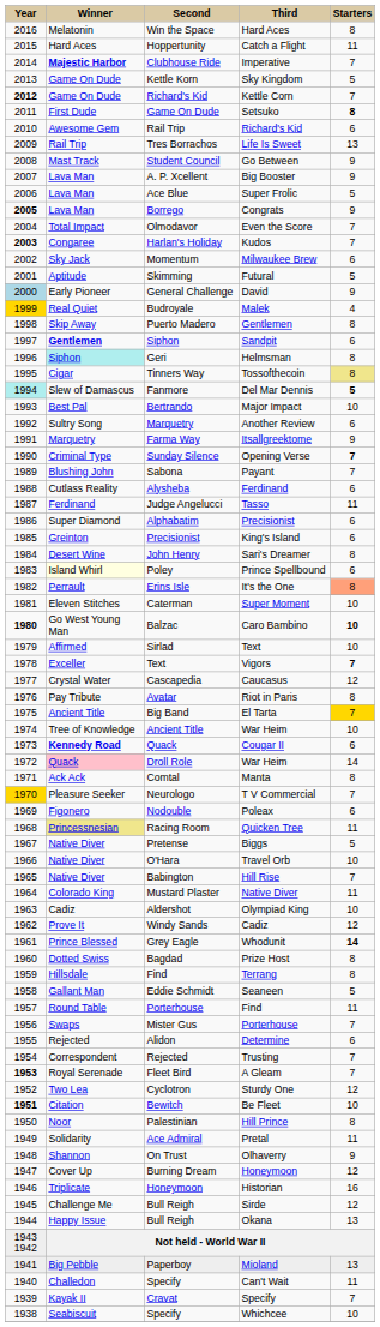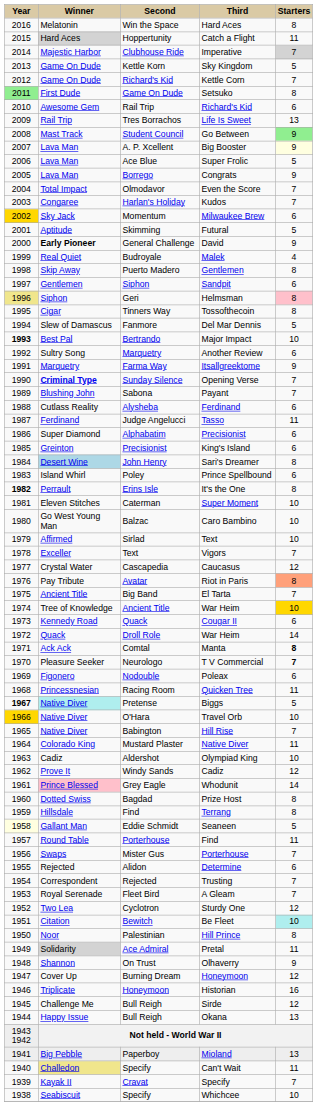 <table class = "wikitable sortable" | border="1" cellpadding="0" style="border-collapse: collapse; font-size:90%">
 <tr bgcolor="#DACAA5" align="center">
 <td width="50px"><strong>Year</strong> <br></td>
 <td width="130px"><strong>Winner</strong> <br></td>
 <td width="125px"><strong>Second</strong> <br></td>
 <td width="120px"><strong>Third</strong> <br></td>
 <td width="55px"><strong>Starters</strong></td>
 </tr>
 <tr>
 <td align=center>2016</td>
 <td>Melatonin</td>
 <td>Win the Space</td>
 <td>Hard Aces</td>
 <td align=center>8</td>
 </tr>
 <tr>
 <td align=center>2015</td>
-<td>Hard Aces</td>
+<td style="background: lightgrey;">Hard Aces</td>
 <td>Hoppertunity</td>
 <td>Catch a Flight</td>
 <td align=center>11</td>
 </tr>
 <tr>
 <td align=center>2014</td>
-<td><strong><a href='#'>Majestic Harbor</a></strong></td>
+<td><a href='#'>Majestic Harbor</a></td>
 <td><a href='#'>Clubhouse Ride</a></td>
 <td>Imperative</td>
-<td align=center>7</td>
+<td align=center style="background: lightgrey;">7</td>
 </tr>
 <tr>
 <td align=center>2013</td>
 <td><a href='#'>Game On Dude</a></td>
 <td>Kettle Korn</td>
 <td>Sky Kingdom</td>
 <td align=center>5</td>
 </tr>
 <tr>
-<td align=center><strong>2012</strong></td>
+<td align=center>2012</td>
 <td><a href='#'>Game On Dude</a></td>
 <td><a href='#'>Richard's Kid</a></td>
 <td>Kettle Corn</td>
 <td align=center>7</td>
 </tr>
 <tr>
-<td align=center>2011</td>
+<td align=center style="background: lightgreen;">2011</td>
 <td><a href='#'>First Dude</a></td>
 <td><a href='#'>Game On Dude</a></td>
 <td>Setsuko</td>
-<td align=center><strong>8</strong></td>
+<td align=center>8</td>
 </tr>
 <tr>
 <td align=center>2010</td>
 <td><a href='#'>Awesome Gem</a></td>
 <td>Rail Trip</td>
 <td><a href='#'>Richard's Kid</a></td>
 <td align=center>6</td>
 </tr>
 <tr>
 <td align=center>2009</td>
 <td><a href='#'>Rail Trip</a></td>
 <td>Tres Borrachos</td>
 <td><a href='#'>Life Is Sweet</a></td>
 <td align=center>13</td>
 </tr>
 <tr>
 <td align=center>2008</td>
 <td><a href='#'>Mast Track</a></td>
 <td><a href='#'>Student Council</a></td>
 <td>Go Between</td>
-<td align=center>9</td>
+<td align=center style="background: lightgreen;">9</td>
 </tr>
 <tr>
 <td align=center>2007</td>
 <td><a href='#'>Lava Man</a></td>
 <td>A. P. Xcellent</td>
 <td>Big Booster</td>
-<td align=center>9</td>
+<td align=center style="background: lightyellow;">9</td>
 </tr>
 <tr>
 <td align=center>2006</td>
 <td><a href='#'>Lava Man</a></td>
 <td>Ace Blue</td>
 <td>Super Frolic</td>
 <td align=center>5</td>
 </tr>
 <tr>
-<td align=center><strong>2005</strong></td>
+<td align=center>2005</td>
 <td><a href='#'>Lava Man</a></td>
 <td><a href='#'>Borrego</a></td>
 <td>Congrats</td>
 <td align=center>9</td>
 </tr>
 <tr>
 <td align=center>2004</td>
 <td><a href='#'>Total Impact</a></td>
 <td>Olmodavor</td>
 <td>Even the Score</td>
 <td align=center>7</td>
 </tr>
 <tr>
-<td align=center><strong>2003</strong></td>
+<td align=center>2003</td>
 <td><a href='#'>Congaree</a></td>
 <td><a href='#'>Harlan's Holiday</a></td>
 <td>Kudos</td>
 <td align=center>7</td>
 </tr>
 <tr>
-<td align=center>2002</td>
+<td align=center style="background: gold;">2002</td>
 <td><a href='#'>Sky Jack</a></td>
 <td>Momentum</td>
 <td><a href='#'>Milwaukee Brew</a></td>
 <td align=center>6</td>
 </tr>
 <tr>
 <td align=center>2001</td>
 <td><a href='#'>Aptitude</a></td>
 <td>Skimming</td>
 <td>Futural</td>
 <td align=center>5</td>
 </tr>
 <tr>
-<td align=center style="background: lightblue;">2000</td>
-<td>Early Pioneer</td>
+<td align=center>2000</td>
+<td><strong>Early Pioneer</strong></td>
 <td>General Challenge</td>
 <td>David</td>
 <td align=center>9</td>
 </tr>
 <tr>
-<td align=center style="background: gold;">1999</td>
+<td align=center>1999</td>
 <td><a href='#'>Real Quiet</a></td>
 <td>Budroyale</td>
 <td><a href='#'>Malek</a></td>
 <td align=center>4</td>
 </tr>
 <tr>
 <td align=center>1998</td>
 <td><a href='#'>Skip Away</a></td>
 <td>Puerto Madero</td>
 <td><a href='#'>Gentlemen</a></td>
 <td align=center>8</td>
 </tr>
 <tr>
 <td align=center>1997</td>
-<td><strong><a href='#'>Gentlemen</a></strong></td>
+<td><a href='#'>Gentlemen</a></td>
 <td><a href='#'>Siphon</a></td>
 <td><a href='#'>Sandpit</a></td>
 <td align=center>6</td>
 </tr>
 <tr>
-<td align=center>1996</td>
-<td style="background: paleturquoise;"><a href='#'>Siphon</a></td>
+<td align=center style="background: khaki;">1996</td>
+<td><a href='#'>Siphon</a></td>
 <td>Geri</td>
 <td>Helmsman</td>
-<td align=center>8</td>
+<td align=center style="background: pink;">8</td>
 </tr>
 <tr>
 <td align=center>1995</td>
 <td><a href='#'>Cigar</a></td>
 <td>Tinners Way</td>
 <td>Tossofthecoin</td>
-<td align=center style="background: khaki;">8</td>
+<td align=center>8</td>
 </tr>
 <tr>
-<td align=center style="background: paleturquoise;">1994</td>
+<td align=center>1994</td>
 <td>Slew of Damascus</td>
 <td>Fanmore</td>
 <td>Del Mar Dennis</td>
-<td align=center><strong>5</strong></td>
+<td align=center>5</td>
 </tr>
 <tr>
-<td align=center>1993</td>
+<td align=center><strong>1993</strong></td>
 <td><a href='#'>Best Pal</a></td>
 <td><a href='#'>Bertrando</a></td>
 <td>Major Impact</td>
 <td align=center>10</td>
 </tr>
 <tr>
 <td align=center>1992</td>
 <td>Sultry Song</td>
 <td><a href='#'>Marquetry</a></td>
 <td>Another Review</td>
 <td align=center>6</td>
 </tr>
 <tr>
 <td align=center>1991</td>
 <td><a href='#'>Marquetry</a></td>
 <td><a href='#'>Farma Way</a></td>
 <td><a href='#'>Itsallgreektome</a></td>
 <td align=center>9</td>
 </tr>
 <tr>
 <td align=center>1990</td>
-<td><a href='#'>Criminal Type</a></td>
+<td><strong><a href='#'>Criminal Type</a></strong></td>
 <td><a href='#'>Sunday Silence</a></td>
 <td>Opening Verse</td>
-<td align=center><strong>7</strong></td>
+<td align=center>7</td>
 </tr>
 <tr>
 <td align=center>1989</td>
 <td><a href='#'>Blushing John</a></td>
 <td>Sabona</td>
 <td>Payant</td>
 <td align=center>7</td>
 </tr>
 <tr>
 <td align=center>1988</td>
 <td>Cutlass Reality</td>
 <td><a href='#'>Alysheba</a></td>
 <td><a href='#'>Ferdinand</a></td>
 <td align=center>6</td>
 </tr>
 <tr>
 <td align=center>1987</td>
 <td><a href='#'>Ferdinand</a></td>
 <td>Judge Angelucci</td>
 <td><a href='#'>Tasso</a></td>
 <td align=center>11</td>
 </tr>
 <tr>
 <td align=center>1986</td>
 <td>Super Diamond</td>
 <td><a href='#'>Alphabatim</a></td>
 <td><a href='#'>Precisionist</a></td>
 <td align=center>6</td>
 </tr>
 <tr>
 <td align=center>1985</td>
 <td><a href='#'>Greinton</a></td>
 <td><a href='#'>Precisionist</a></td>
 <td>King's Island</td>
 <td align=center>6</td>
 </tr>
 <tr>
 <td align=center>1984</td>
-<td><a href='#'>Desert Wine</a></td>
+<td style="background: lightblue;"><a href='#'>Desert Wine</a></td>
 <td><a href='#'>John Henry</a></td>
 <td>Sari's Dreamer</td>
 <td align=center>8</td>
 </tr>
 <tr>
 <td align=center>1983</td>
-<td style="background: lightyellow;">Island Whirl</td>
+<td>Island Whirl</td>
 <td>Poley</td>
 <td>Prince Spellbound</td>
 <td align=center>6</td>
 </tr>
 <tr>
-<td align=center>1982</td>
+<td align=center><strong>1982</strong></td>
 <td><a href='#'>Perrault</a></td>
 <td><a href='#'>Erins Isle</a></td>
 <td>It's the One</td>
-<td align=center style="background: lightsalmon;">8</td>
+<td align=center>8</td>
 </tr>
 <tr>
 <td align=center>1981</td>
 <td>Eleven Stitches</td>
 <td>Caterman</td>
 <td><a href='#'>Super Moment</a></td>
 <td align=center>10</td>
 </tr>
 <tr>
-<td align=center><strong>1980</strong></td>
+<td align=center>1980</td>
 <td>Go West Young Man</td>
 <td>Balzac</td>
 <td>Caro Bambino</td>
-<td align=center><strong>10</strong></td>
+<td align=center>10</td>
 </tr>
 <tr>
 <td align=center>1979</td>
 <td><a href='#'>Affirmed</a></td>
 <td>Sirlad</td>
 <td>Text</td>
 <td align=center>10</td>
 </tr>
 <tr>
 <td align=center>1978</td>
 <td><a href='#'>Exceller</a></td>
 <td>Text</td>
 <td>Vigors</td>
-<td align=center><strong>7</strong></td>
+<td align=center>7</td>
 </tr>
 <tr>
 <td align=center>1977</td>
 <td>Crystal Water</td>
 <td>Cascapedia</td>
 <td>Caucasus</td>
 <td align=center>12</td>
 </tr>
 <tr>
 <td align=center>1976</td>
 <td>Pay Tribute</td>
 <td><a href='#'>Avatar</a></td>
 <td>Riot in Paris</td>
-<td align=center>8</td>
+<td align=center style="background: lightsalmon;">8</td>
 </tr>
 <tr>
 <td align=center>1975</td>
 <td><a href='#'>Ancient Title</a></td>
 <td>Big Band</td>
 <td>El Tarta</td>
-<td align=center style="background: gold;">7</td>
+<td align=center>7</td>
 </tr>
 <tr>
 <td align=center>1974</td>
 <td>Tree of Knowledge</td>
 <td><a href='#'>Ancient Title</a></td>
 <td>War Heim</td>
-<td align=center>10</td>
+<td align=center style="background: gold;">10</td>
 </tr>
 <tr>
 <td align=center>1973</td>
-<td><strong><a href='#'>Kennedy Road</a></strong></td>
+<td><a href='#'>Kennedy Road</a></td>
 <td><a href='#'>Quack</a></td>
 <td><a href='#'>Cougar II</a></td>
 <td align=center>6</td>
 </tr>
 <tr>
 <td align=center>1972</td>
-<td style="background: pink;"><a href='#'>Quack</a></td>
+<td><a href='#'>Quack</a></td>
 <td><a href='#'>Droll Role</a></td>
 <td>War Heim</td>
 <td align=center>14</td>
 </tr>
 <tr>
 <td align=center>1971</td>
 <td><a href='#'>Ack Ack</a></td>
 <td>Comtal</td>
 <td>Manta</td>
-<td align=center>8</td>
+<td align=center><strong>8</strong></td>
 </tr>
 <tr>
-<td align=center style="background: gold;">1970</td>
+<td align=center>1970</td>
 <td>Pleasure Seeker</td>
 <td>Neurologo</td>
 <td>T V Commercial</td>
-<td align=center>7</td>
+<td align=center><strong>7</strong></td>
 </tr>
 <tr>
 <td align=center>1969</td>
 <td><a href='#'>Figonero</a></td>
 <td><a href='#'>Nodouble</a></td>
 <td>Poleax</td>
 <td align=center>6</td>
 </tr>
 <tr>
 <td align=center>1968</td>
-<td style="background: khaki;"><a href='#'>Princessnesian</a></td>
+<td><a href='#'>Princessnesian</a></td>
 <td>Racing Room</td>
 <td><a href='#'>Quicken Tree</a></td>
 <td align=center>11</td>
 </tr>
 <tr>
-<td align=center>1967</td>
-<td><a href='#'>Native Diver</a></td>
+<td align=center><strong>1967</strong></td>
+<td style="background: paleturquoise;"><a href='#'>Native Diver</a></td>
 <td>Pretense</td>
 <td>Biggs</td>
 <td align=center>5</td>
 </tr>
 <tr>
-<td align=center>1966</td>
+<td align=center style="background: gold;">1966</td>
 <td><a href='#'>Native Diver</a></td>
 <td>O'Hara</td>
 <td>Travel Orb</td>
 <td align=center>10</td>
 </tr>
 <tr>
 <td align=center>1965</td>
 <td><a href='#'>Native Diver</a></td>
 <td>Babington</td>
 <td><a href='#'>Hill Rise</a></td>
 <td align=center>7</td>
 </tr>
 <tr>
 <td align=center>1964</td>
 <td><a href='#'>Colorado King</a></td>
 <td>Mustard Plaster</td>
 <td><a href='#'>Native Diver</a></td>
 <td align=center>11</td>
 </tr>
 <tr>
 <td align=center>1963</td>
 <td>Cadiz</td>
 <td>Aldershot</td>
 <td>Olympiad King</td>
 <td align=center>10</td>
 </tr>
 <tr>
 <td align=center>1962</td>
 <td><a href='#'>Prove It</a></td>
 <td>Windy Sands</td>
 <td>Cadiz</td>
 <td align=center>12</td>
 </tr>
 <tr>
 <td align=center>1961</td>
-<td><a href='#'>Prince Blessed</a></td>
+<td style="background: pink;"><a href='#'>Prince Blessed</a></td>
 <td>Grey Eagle</td>
 <td>Whodunit</td>
-<td align=center><strong>14</strong></td>
+<td align=center>14</td>
 </tr>
 <tr>
 <td align=center>1960</td>
 <td><a href='#'>Dotted Swiss</a></td>
 <td>Bagdad</td>
 <td>Prize Host</td>
 <td align=center>8</td>
 </tr>
 <tr>
 <td align=center>1959</td>
 <td><a href='#'>Hillsdale</a></td>
 <td>Find</td>
 <td><a href='#'>Terrang</a></td>
 <td align=center>8</td>
 </tr>
 <tr>
-<td align=center>1958</td>
+<td align=center style="background: lightyellow;">1958</td>
 <td><a href='#'>Gallant Man</a></td>
 <td>Eddie Schmidt</td>
 <td>Seaneen</td>
 <td align=center>5</td>
 </tr>
 <tr>
 <td align=center>1957</td>
 <td><a href='#'>Round Table</a></td>
 <td><a href='#'>Porterhouse</a></td>
 <td>Find</td>
 <td align=center>11</td>
 </tr>
 <tr>
 <td align=center>1956</td>
 <td><a href='#'>Swaps</a></td>
 <td>Mister Gus</td>
 <td><a href='#'>Porterhouse</a></td>
 <td align=center>7</td>
 </tr>
 <tr>
 <td align=center>1955</td>
 <td>Rejected</td>
 <td>Alidon</td>
 <td><a href='#'>Determine</a></td>
 <td align=center>6</td>
 </tr>
 <tr>
 <td align=center>1954</td>
 <td>Correspondent</td>
 <td>Rejected</td>
 <td>Trusting</td>
 <td align=center>7</td>
 </tr>
 <tr>
-<td align=center><strong>1953</strong></td>
+<td align=center>1953</td>
 <td>Royal Serenade</td>
 <td>Fleet Bird</td>
 <td>A Gleam</td>
 <td align=center>7</td>
 </tr>
 <tr>
 <td align=center>1952</td>
 <td><a href='#'>Two Lea</a></td>
 <td>Cyclotron</td>
 <td>Sturdy One</td>
 <td align=center>12</td>
 </tr>
 <tr>
-<td align=center><strong>1951</strong></td>
+<td align=center>1951</td>
 <td><a href='#'>Citation</a></td>
 <td><a href='#'>Bewitch</a></td>
 <td>Be Fleet</td>
-<td align=center>10</td>
+<td align=center style="background: paleturquoise;">10</td>
 </tr>
 <tr>
 <td align=center>1950</td>
 <td><a href='#'>Noor</a></td>
 <td>Palestinian</td>
 <td><a href='#'>Hill Prince</a></td>
 <td align=center>8</td>
 </tr>
 <tr>
 <td align=center>1949</td>
-<td>Solidarity</td>
+<td style="background: lightgrey;">Solidarity</td>
 <td><a href='#'>Ace Admiral</a></td>
 <td>Pretal</td>
 <td align=center>11</td>
 </tr>
 <tr>
 <td align=center>1948</td>
 <td><a href='#'>Shannon</a></td>
 <td>On Trust</td>
 <td>Olhaverry</td>
 <td align=center>9</td>
 </tr>
 <tr>
 <td align=center>1947</td>
 <td>Cover Up</td>
 <td>Burning Dream</td>
 <td><a href='#'>Honeymoon</a></td>
 <td align=center>12</td>
 </tr>
 <tr>
 <td align=center>1946</td>
 <td><a href='#'>Triplicate</a></td>
 <td><a href='#'>Honeymoon</a></td>
 <td>Historian</td>
 <td align=center>16</td>
 </tr>
 <tr>
 <td align=center>1945</td>
 <td>Challenge Me</td>
 <td>Bull Reigh</td>
 <td>Sirde</td>
 <td align=center>12</td>
 </tr>
 <tr>
 <td align=center>1944</td>
 <td><a href='#'>Happy Issue</a></td>
 <td>Bull Reigh</td>
 <td>Okana</td>
 <td align=center>13</td>
 </tr>
 <tr bgcolor="#eeeeee">
 <td align=center>1943<br>1942</td>
 <th colspan="4">Not held - World War II</th>
 </tr>
 <tr bgcolor="#eeeeee">
 <td align=center>1941</td>
 <td><a href='#'>Big Pebble</a></td>
 <td>Paperboy</td>
 <td><a href='#'>Mioland</a></td>
 <td align=center>13</td>
 </tr>
 <tr>
 <td align=center>1940</td>
-<td><a href='#'>Challedon</a></td>
+<td style="background: khaki;"><a href='#'>Challedon</a></td>
 <td>Specify</td>
 <td>Can't Wait</td>
 <td align=center>11</td>
 </tr>
 <tr>
 <td align=center>1939</td>
 <td><a href='#'>Kayak II</a></td>
 <td><a href='#'>Cravat</a></td>
 <td>Specify</td>
 <td align=center>7</td>
 </tr>
 <tr>
 <td align=center>1938</td>
 <td><a href='#'>Seabiscuit</a></td>
 <td>Specify</td>
 <td>Whichcee</td>
 <td align=center>10</td>
 </tr>
 <tr>
 </tr>
 </table>
